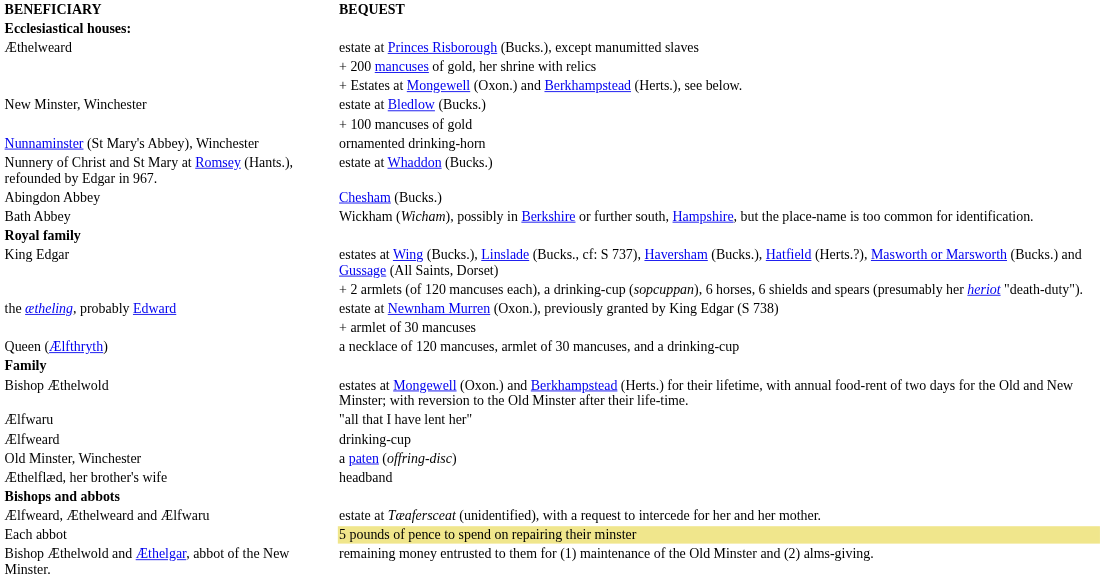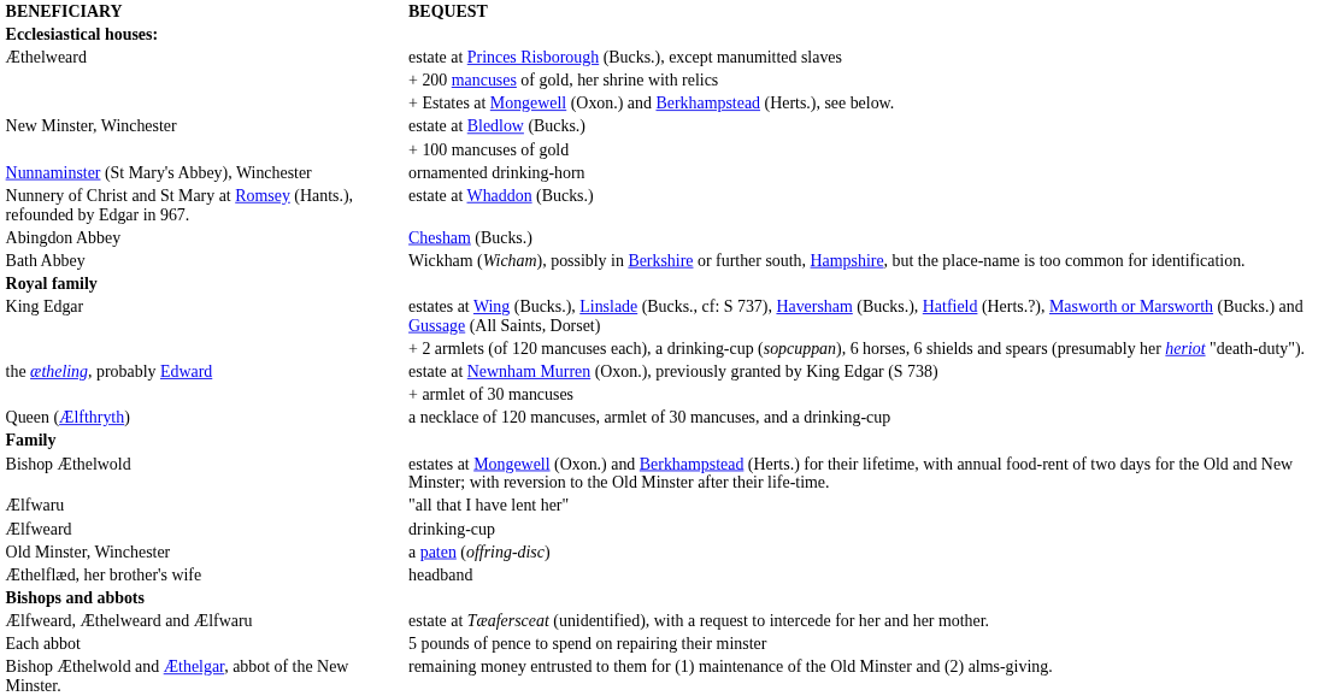 <table>
 <tr>
 <td><strong>BENEFICIARY</strong></td>
 <td><strong>BEQUEST</strong></td>
 </tr>
 <tr valign="top">
 <td><strong>Ecclesiastical houses:</strong></td>
 </tr>
 <tr valign="top">
 <td>Æthelweard</td>
 <td>estate at <a href='#'>Princes Risborough</a> (Bucks.), except manumitted slaves</td>
 </tr>
 <tr valign="top">
 <td></td>
 <td>+ 200 <a href='#'>mancuses</a> of gold, her shrine with relics</td>
 </tr>
 <tr valign="top">
 <td></td>
 <td>+ Estates at <a href='#'>Mongewell</a> (Oxon.) and <a href='#'>Berkhampstead</a> (Herts.), see below.</td>
 </tr>
 <tr valign="top">
 <td>New Minster, Winchester</td>
 <td>estate at <a href='#'>Bledlow</a> (Bucks.)</td>
 </tr>
 <tr valign="top">
 <td></td>
 <td>+ 100 mancuses of gold</td>
 </tr>
 <tr valign="top">
 <td><a href='#'>Nunnaminster</a> (St Mary's Abbey), Winchester</td>
 <td>ornamented drinking-horn</td>
 </tr>
 <tr valign="top">
 <td>Nunnery of Christ and St Mary at <a href='#'>Romsey</a> (Hants.), refounded by Edgar in 967.</td>
 <td>estate at <a href='#'>Whaddon</a> (Bucks.)</td>
 </tr>
 <tr valign="top">
 <td>Abingdon Abbey</td>
 <td><a href='#'>Chesham</a> (Bucks.)</td>
 </tr>
 <tr valign="top">
 <td>Bath Abbey</td>
 <td>Wickham (<em>Wicham</em>), possibly in <a href='#'>Berkshire</a> or further south, <a href='#'>Hampshire</a>, but the place-name is too common for identification.</td>
 </tr>
 <tr valign="top">
 <td><strong>Royal family</strong></td>
 </tr>
 <tr valign="top">
 <td>King Edgar</td>
 <td>estates at <a href='#'>Wing</a> (Bucks.), <a href='#'>Linslade</a> (Bucks., cf: S 737), <a href='#'>Haversham</a> (Bucks.), <a href='#'>Hatfield</a> (Herts.?), <a href='#'>Masworth or Marsworth</a> (Bucks.) and <a href='#'>Gussage</a> (All Saints, Dorset)</td>
 </tr>
 <tr valign="top">
 <td></td>
 <td>+ 2 armlets (of 120 mancuses each), a drinking-cup (<em>sopcuppan</em>), 6 horses, 6 shields and spears (presumably her <em><a href='#'>heriot</a></em> "death-duty").</td>
 </tr>
 <tr valign="top">
 <td>the <em><a href='#'>ætheling</a></em>, probably <a href='#'>Edward</a></td>
 <td>estate at <a href='#'>Newnham Murren</a> (Oxon.), previously granted by King Edgar (S 738)</td>
 </tr>
 <tr valign="top">
 <td></td>
 <td>+ armlet of 30 mancuses</td>
 </tr>
 <tr valign="top">
 <td>Queen (<a href='#'>Ælfthryth</a>)</td>
 <td>a necklace of 120 mancuses, armlet of 30 mancuses, and a drinking-cup</td>
 </tr>
 <tr valign="top">
 <td><strong>Family</strong></td>
 </tr>
 <tr valign="top">
 <td>Bishop Æthelwold</td>
 <td>estates at <a href='#'>Mongewell</a> (Oxon.) and <a href='#'>Berkhampstead</a> (Herts.) for their lifetime, with annual food-rent of two days for the Old and New Minster; with reversion to the Old Minster after their life-time.</td>
 </tr>
 <tr valign="top">
 <td>Ælfwaru</td>
 <td>"all that I have lent her"</td>
 </tr>
 <tr valign="top">
 <td>Ælfweard</td>
 <td>drinking-cup</td>
 </tr>
 <tr valign="top">
 <td>Old Minster, Winchester</td>
 <td>a <a href='#'>paten</a> (<em>offring-disc</em>)</td>
 </tr>
 <tr valign="top">
 <td>Æthelflæd, her brother's wife</td>
 <td>headband</td>
 </tr>
 <tr valign="top">
 <td><strong>Bishops and abbots</strong></td>
 </tr>
 <tr valign="top">
 <td>Ælfweard, Æthelweard and Ælfwaru</td>
 <td>estate at <em>Tæafersceat</em> (unidentified), with a request to intercede for her and her mother.</td>
 </tr>
 <tr valign="top">
 <td>Each abbot</td>
-<td style="background: khaki;">5 pounds of pence to spend on repairing their minster</td>
+<td>5 pounds of pence to spend on repairing their minster</td>
 </tr>
 <tr valign="top">
 <td>Bishop Æthelwold and <a href='#'>Æthelgar</a>, abbot of the New Minster.</td>
 <td>remaining money entrusted to them for (1) maintenance of the Old Minster and (2) alms-giving.</td>
 </tr>
 </table>
